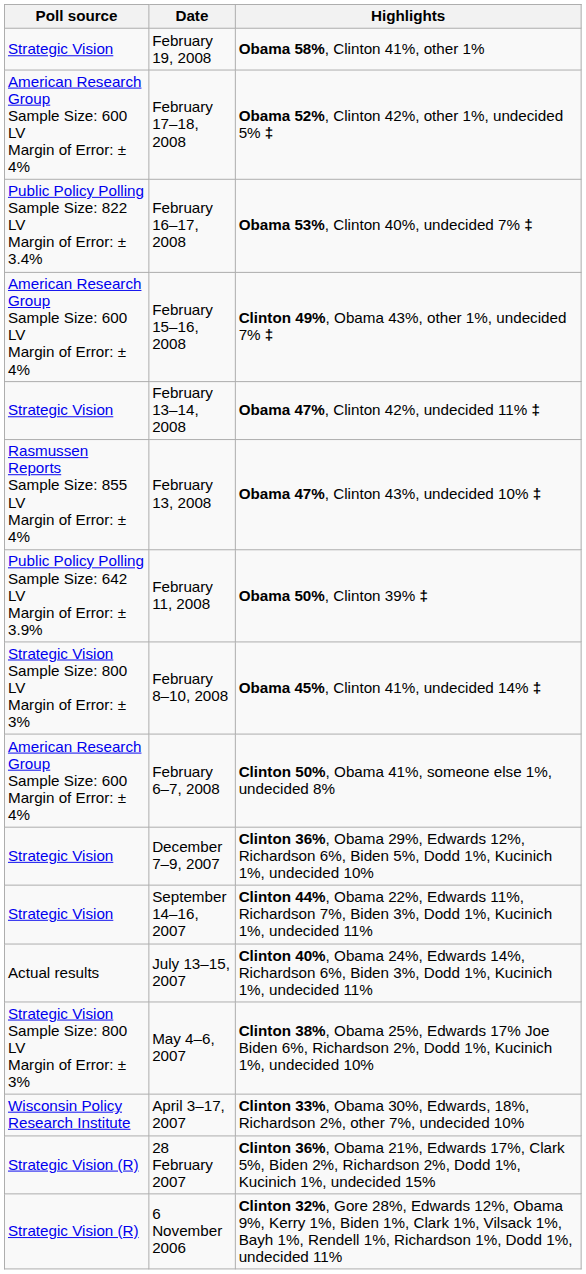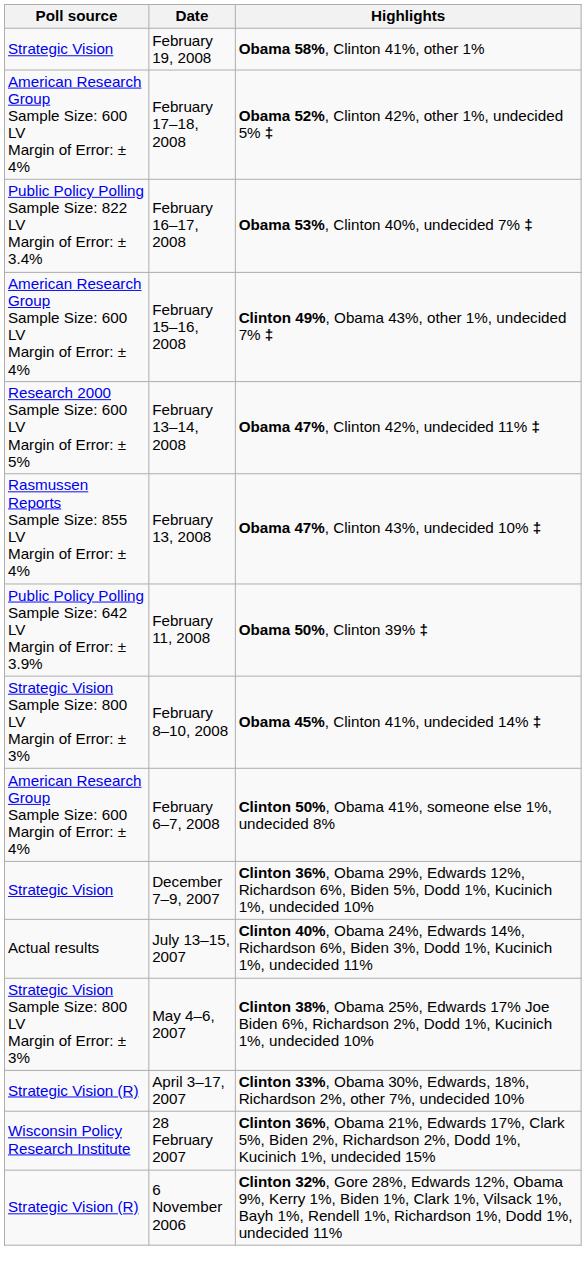 <table class="wikitable sortable">
 <tr>
 <th width="25%">Poll source</th>
 <th width="15%">Date</th>
 <th width="60%">Highlights</th>
 </tr>
 <tr>
 <td><a href='#'>Strategic Vision</a></td>
 <td>February 19, 2008</td>
 <td><strong>Obama 58%</strong>, Clinton 41%, other 1%</td>
 </tr>
 <tr>
 <td><a href='#'>American Research Group</a><br>Sample Size: 600 LV<br> Margin of Error: ± 4%</td>
 <td>February 17–18, 2008</td>
 <td><strong>Obama 52%</strong>, Clinton 42%, other 1%, undecided 5% <strong>‡</strong></td>
 </tr>
 <tr>
 <td><a href='#'>Public Policy Polling</a><br>Sample Size: 822 LV<br> Margin of Error: ± 3.4%</td>
 <td>February 16–17, 2008</td>
 <td><strong>Obama 53%</strong>, Clinton 40%, undecided 7% <strong>‡</strong></td>
 </tr>
 <tr>
 <td><a href='#'>American Research Group</a><br>Sample Size: 600 LV<br> Margin of Error: ± 4%</td>
 <td>February 15–16, 2008</td>
 <td><strong>Clinton 49%</strong>, Obama 43%, other 1%, undecided 7% <strong>‡</strong></td>
 </tr>
 <tr>
-<td><a href='#'>Strategic Vision</a></td>
+<td><a href='#'>Research 2000</a><br>Sample Size: 600 LV<br> Margin of Error: ± 5%</td>
 <td>February 13–14, 2008</td>
 <td><strong>Obama 47%</strong>, Clinton 42%, undecided 11% <strong>‡</strong></td>
 </tr>
 <tr>
 <td><a href='#'>Rasmussen Reports</a><br>Sample Size: 855 LV<br> Margin of Error: ± 4%</td>
 <td>February 13, 2008</td>
 <td><strong>Obama 47%</strong>, Clinton 43%, undecided 10% <strong>‡</strong></td>
 </tr>
 <tr>
 <td><a href='#'>Public Policy Polling</a><br>Sample Size: 642 LV<br> Margin of Error: ± 3.9%</td>
 <td>February 11, 2008</td>
 <td><strong>Obama 50%</strong>, Clinton 39% <strong>‡</strong></td>
 </tr>
 <tr>
 <td><a href='#'>Strategic Vision</a><br>Sample Size: 800 LV<br> Margin of Error: ± 3%</td>
 <td>February 8–10, 2008</td>
 <td><strong>Obama 45%</strong>, Clinton 41%, undecided 14% <strong>‡</strong></td>
 </tr>
 <tr>
 <td><a href='#'>American Research Group</a><br>Sample Size: 600<br> Margin of Error: ± 4%</td>
 <td>February 6–7, 2008</td>
 <td><strong>Clinton 50%</strong>, Obama 41%, someone else 1%, undecided 8%</td>
 </tr>
 <tr>
 <td><a href='#'>Strategic Vision</a></td>
 <td>December 7–9, 2007</td>
 <td><strong>Clinton 36%</strong>, Obama 29%, Edwards 12%, Richardson 6%, Biden 5%, Dodd 1%, Kucinich 1%, undecided 10%</td>
 </tr>
 <tr>
-<td><a href='#'>Strategic Vision</a></td>
-<td>September 14–16, 2007</td>
-<td><strong>Clinton 44%</strong>, Obama 22%, Edwards 11%, Richardson 7%, Biden 3%, Dodd 1%, Kucinich 1%, undecided 11%</td>
-</tr>
-<tr>
 <td>Actual results</td>
 <td>July 13–15, 2007</td>
 <td><strong>Clinton 40%</strong>, Obama 24%, Edwards 14%, Richardson 6%, Biden 3%, Dodd 1%, Kucinich 1%, undecided 11%</td>
 </tr>
 <tr>
 <td><a href='#'>Strategic Vision</a><br>Sample Size: 800 LV<br> Margin of Error: ± 3%</td>
 <td>May 4–6, 2007</td>
 <td><strong>Clinton 38%</strong>, Obama 25%, Edwards 17% Joe Biden 6%, Richardson 2%, Dodd 1%, Kucinich 1%, undecided 10%</td>
 </tr>
 <tr>
-<td><a href='#'>Wisconsin Policy Research Institute</a></td>
+<td><a href='#'>Strategic Vision (R)</a></td>
 <td>April 3–17, 2007</td>
 <td><strong>Clinton 33%</strong>, Obama 30%, Edwards, 18%, Richardson 2%, other 7%, undecided 10%</td>
 </tr>
 <tr>
-<td><a href='#'>Strategic Vision (R)</a></td>
+<td><a href='#'>Wisconsin Policy Research Institute</a></td>
 <td>28 February 2007</td>
 <td><strong>Clinton 36%</strong>, Obama 21%, Edwards 17%, Clark 5%, Biden 2%, Richardson 2%, Dodd 1%, Kucinich 1%, undecided 15%</td>
 </tr>
 <tr>
 <td><a href='#'>Strategic Vision (R)</a></td>
 <td>6 November 2006</td>
 <td><strong>Clinton 32%</strong>, Gore 28%, Edwards 12%, Obama 9%, Kerry 1%, Biden 1%, Clark 1%, Vilsack 1%, Bayh 1%, Rendell 1%, Richardson 1%, Dodd 1%, undecided 11%</td>
 </tr>
 </table>
